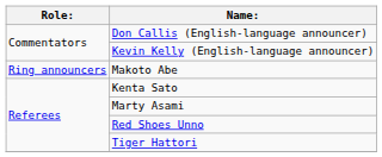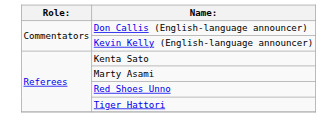 <table class=wikitable style="font-size:90%; margin: 0.5em 0 0.5em 1em; float: right; clear: right;">
 <tr>
 <th>Role:</th>
 <th>Name:</th>
 </tr>
 <tr>
 <td rowspan=2>Commentators</td>
 <td><a href='#'>Don Callis</a> (English-language announcer)</td>
 </tr>
 <tr>
 <td><a href='#'>Kevin Kelly</a> (English-language announcer)</td>
-</tr>
-<tr>
-<td rowspan=1><a href='#'>Ring announcers</a></td>
-<td>Makoto Abe</td>
 </tr>
 <tr>
 <td rowspan=4><a href='#'>Referees</a></td>
 <td>Kenta Sato</td>
 </tr>
 <tr>
 <td>Marty Asami</td>
 </tr>
 <tr>
 <td><a href='#'>Red Shoes Unno</a></td>
 </tr>
 <tr>
 <td><a href='#'>Tiger Hattori</a></td>
 </tr>
 <tr>
 </tr>
 </table>
